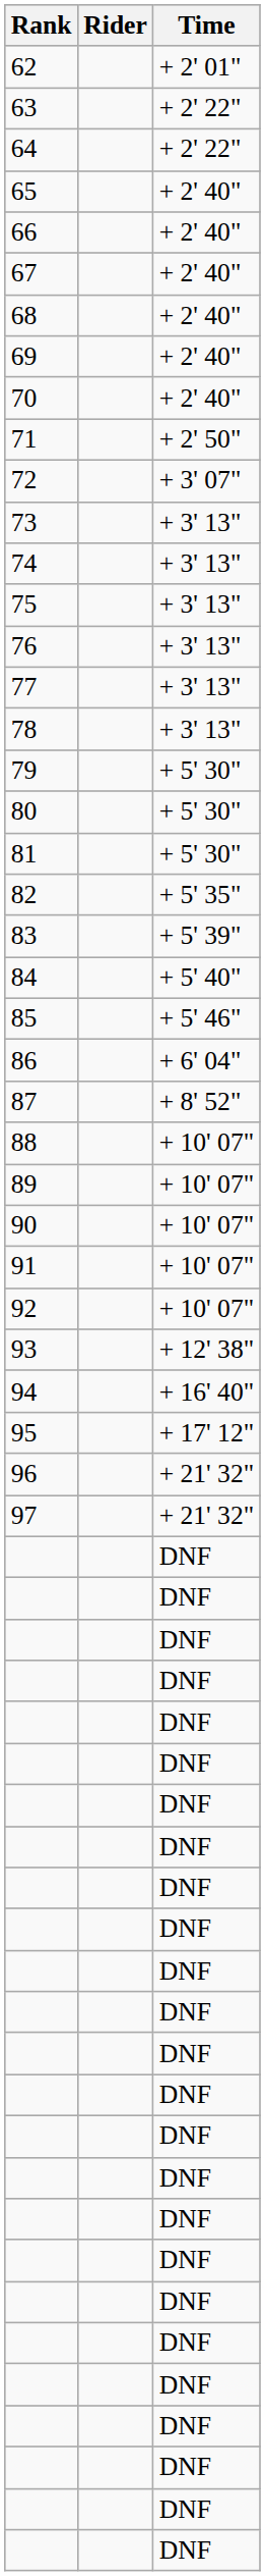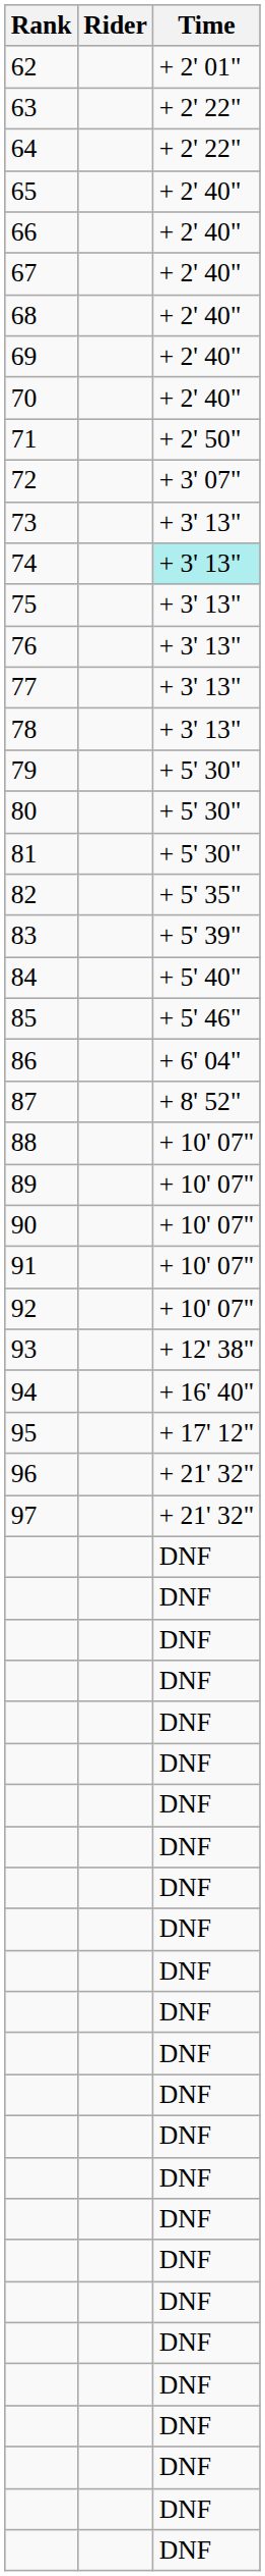 <table class="wikitable">
 <tr>
 <th>Rank</th>
 <th>Rider</th>
 <th>Time</th>
 </tr>
 <tr>
 <td>62</td>
 <td></td>
 <td>+ 2' 01"</td>
 </tr>
 <tr>
 <td>63</td>
 <td></td>
 <td>+ 2' 22"</td>
 </tr>
 <tr>
 <td>64</td>
 <td></td>
 <td>+ 2' 22"</td>
 </tr>
 <tr>
 <td>65</td>
 <td></td>
 <td>+ 2' 40"</td>
 </tr>
 <tr>
 <td>66</td>
 <td></td>
 <td>+ 2' 40"</td>
 </tr>
 <tr>
 <td>67</td>
 <td></td>
 <td>+ 2' 40"</td>
 </tr>
 <tr>
 <td>68</td>
 <td></td>
 <td>+ 2' 40"</td>
 </tr>
 <tr>
 <td>69</td>
 <td></td>
 <td>+ 2' 40"</td>
 </tr>
 <tr>
 <td>70</td>
 <td></td>
 <td>+ 2' 40"</td>
 </tr>
 <tr>
 <td>71</td>
 <td></td>
 <td>+ 2' 50"</td>
 </tr>
 <tr>
 <td>72</td>
 <td></td>
 <td>+ 3' 07"</td>
 </tr>
 <tr>
 <td>73</td>
 <td></td>
 <td>+ 3' 13"</td>
 </tr>
 <tr>
 <td>74</td>
 <td></td>
-<td>+ 3' 13"</td>
+<td style="background: paleturquoise;">+ 3' 13"</td>
 </tr>
 <tr>
 <td>75</td>
 <td></td>
 <td>+ 3' 13"</td>
 </tr>
 <tr>
 <td>76</td>
 <td></td>
 <td>+ 3' 13"</td>
 </tr>
 <tr>
 <td>77</td>
 <td></td>
 <td>+ 3' 13"</td>
 </tr>
 <tr>
 <td>78</td>
 <td></td>
 <td>+ 3' 13"</td>
 </tr>
 <tr>
 <td>79</td>
 <td></td>
 <td>+ 5' 30"</td>
 </tr>
 <tr>
 <td>80</td>
 <td></td>
 <td>+ 5' 30"</td>
 </tr>
 <tr>
 <td>81</td>
 <td></td>
 <td>+ 5' 30"</td>
 </tr>
 <tr>
 <td>82</td>
 <td></td>
 <td>+ 5' 35"</td>
 </tr>
 <tr>
 <td>83</td>
 <td></td>
 <td>+ 5' 39"</td>
 </tr>
 <tr>
 <td>84</td>
 <td></td>
 <td>+ 5' 40"</td>
 </tr>
 <tr>
 <td>85</td>
 <td></td>
 <td>+ 5' 46"</td>
 </tr>
 <tr>
 <td>86</td>
 <td></td>
 <td>+ 6' 04"</td>
 </tr>
 <tr>
 <td>87</td>
 <td></td>
 <td>+ 8' 52"</td>
 </tr>
 <tr>
 <td>88</td>
 <td></td>
 <td>+ 10' 07"</td>
 </tr>
 <tr>
 <td>89</td>
 <td></td>
 <td>+ 10' 07"</td>
 </tr>
 <tr>
 <td>90</td>
 <td></td>
 <td>+ 10' 07"</td>
 </tr>
 <tr>
 <td>91</td>
 <td></td>
 <td>+ 10' 07"</td>
 </tr>
 <tr>
 <td>92</td>
 <td></td>
 <td>+ 10' 07"</td>
 </tr>
 <tr>
 <td>93</td>
 <td></td>
 <td>+ 12' 38"</td>
 </tr>
 <tr>
 <td>94</td>
 <td></td>
 <td>+ 16' 40"</td>
 </tr>
 <tr>
 <td>95</td>
 <td></td>
 <td>+ 17' 12"</td>
 </tr>
 <tr>
 <td>96</td>
 <td></td>
 <td>+ 21' 32"</td>
 </tr>
 <tr>
 <td>97</td>
 <td></td>
 <td>+ 21' 32"</td>
 </tr>
 <tr>
 <td></td>
 <td></td>
 <td>DNF</td>
 </tr>
 <tr>
 <td></td>
 <td></td>
 <td>DNF</td>
 </tr>
 <tr>
 <td></td>
 <td></td>
 <td>DNF</td>
 </tr>
 <tr>
 <td></td>
 <td></td>
 <td>DNF</td>
 </tr>
 <tr>
 <td></td>
 <td></td>
 <td>DNF</td>
 </tr>
 <tr>
 <td></td>
 <td></td>
 <td>DNF</td>
 </tr>
 <tr>
 <td></td>
 <td></td>
 <td>DNF</td>
 </tr>
 <tr>
 <td></td>
 <td></td>
 <td>DNF</td>
 </tr>
 <tr>
 <td></td>
 <td></td>
 <td>DNF</td>
 </tr>
 <tr>
 <td></td>
 <td></td>
 <td>DNF</td>
 </tr>
 <tr>
 <td></td>
 <td></td>
 <td>DNF</td>
 </tr>
 <tr>
 <td></td>
 <td></td>
 <td>DNF</td>
 </tr>
 <tr>
 <td></td>
 <td></td>
 <td>DNF</td>
 </tr>
 <tr>
 <td></td>
 <td></td>
 <td>DNF</td>
 </tr>
 <tr>
 <td></td>
 <td></td>
 <td>DNF</td>
 </tr>
 <tr>
 <td></td>
 <td></td>
 <td>DNF</td>
 </tr>
 <tr>
 <td></td>
 <td></td>
 <td>DNF</td>
 </tr>
 <tr>
 <td></td>
 <td></td>
 <td>DNF</td>
 </tr>
 <tr>
 <td></td>
 <td></td>
 <td>DNF</td>
 </tr>
 <tr>
 <td></td>
 <td></td>
 <td>DNF</td>
 </tr>
 <tr>
 <td></td>
 <td></td>
 <td>DNF</td>
 </tr>
 <tr>
 <td></td>
 <td></td>
 <td>DNF</td>
 </tr>
 <tr>
 <td></td>
 <td></td>
 <td>DNF</td>
 </tr>
 <tr>
 <td></td>
 <td></td>
 <td>DNF</td>
 </tr>
 <tr>
 <td></td>
 <td></td>
 <td>DNF</td>
 </tr>
 </table>
